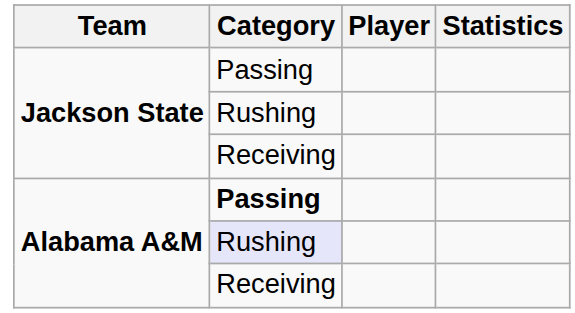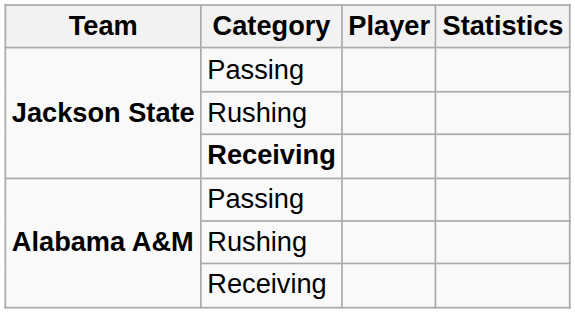 <table class="wikitable" style="float: right;">
 <tr>
 <th>Team</th>
 <th>Category</th>
 <th>Player</th>
 <th>Statistics</th>
 </tr>
 <tr>
 <td rowspan=3><strong>Jackson State</strong></td>
 <td>Passing</td>
 <td></td>
 <td></td>
 </tr>
 <tr>
 <td>Rushing</td>
 <td></td>
 <td></td>
 </tr>
 <tr>
-<td>Receiving</td>
+<td><strong>Receiving</strong></td>
 <td></td>
 <td></td>
 </tr>
 <tr>
 <td rowspan=3><strong>Alabama A&M</strong></td>
-<td><strong>Passing</strong></td>
+<td>Passing</td>
 <td></td>
 <td></td>
 </tr>
 <tr>
-<td style="background: lavender;">Rushing</td>
+<td>Rushing</td>
 <td></td>
 <td></td>
 </tr>
 <tr>
 <td>Receiving</td>
 <td></td>
 <td></td>
 </tr>
 </table>
